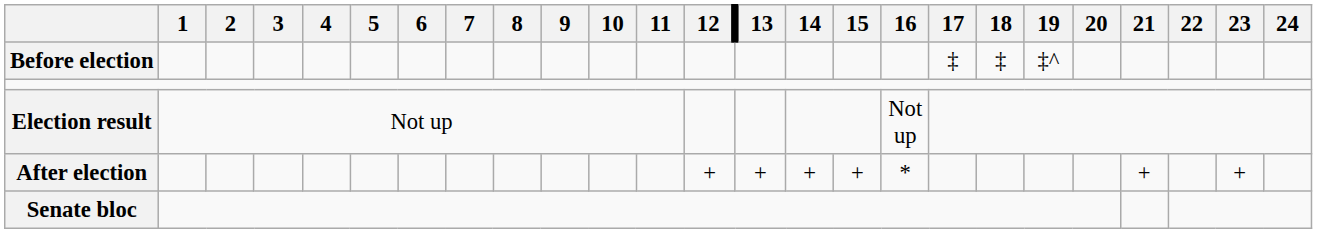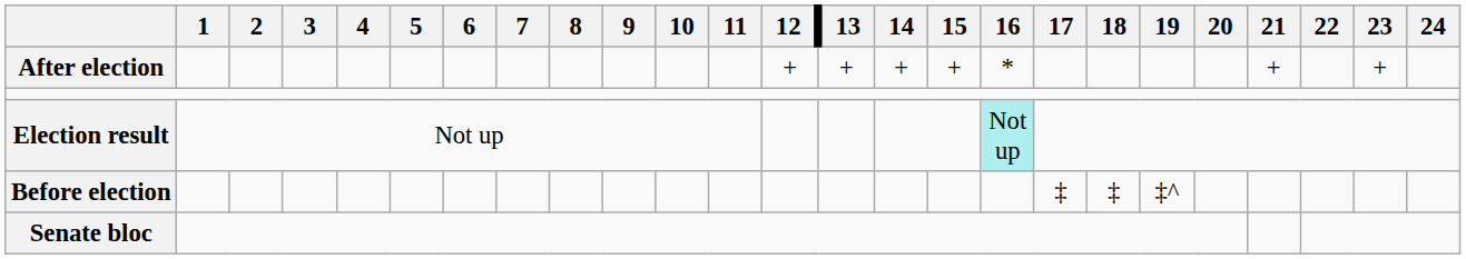 <table class="wikitable" style="text-align:center; font-size:95%">
 <tr>
 <th></th>
 <th width="25px">1</th>
 <th width="25px">2</th>
 <th width="25px">3</th>
 <th width="25px">4</th>
 <th width="25px">5</th>
 <th width="25px">6</th>
 <th width="25px">7</th>
 <th width="25px">8</th>
 <th width="25px">9</th>
 <th width="25px">10</th>
 <th width="25px">11</th>
 <th width="25px">12</th>
 <th width="25px" style="border-left:5px solid black;">13</th>
 <th width="25px">14</th>
 <th width="25px">15</th>
 <th width="25px">16</th>
 <th width="25px">17</th>
 <th width="25px">18</th>
 <th width="25px">19</th>
 <th width="25px">20</th>
 <th width="25px">21</th>
 <th width="25px">22</th>
 <th width="25px">23</th>
 <th width="25px">24</th>
 </tr>
 <tr>
+<th>After election</th>
+<td></td>
+<td></td>
+<td></td>
+<td></td>
+<td></td>
+<td></td>
+<td></td>
+<td></td>
+<td></td>
+<td></td>
+<td></td>
+<td>+</td>
+<td>+</td>
+<td>+</td>
+<td>+</td>
+<td>*</td>
+<td></td>
+<td></td>
+<td></td>
+<td></td>
+<td>+</td>
+<td></td>
+<td>+</td>
+<td></td>
+</tr>
+<tr>
+<td colspan="25"></td>
+</tr>
+<tr>
+<th>Election result</th>
+<td colspan="11">Not up</td>
+<td><strong><a href='#'></a></strong></td>
+<td><strong><a href='#'></a></strong></td>
+<td colspan="2"><strong><a href='#'></a></strong></td>
+<td style="background: paleturquoise;">Not up</td>
+</tr>
+<tr>
 <th>Before election</th>
 <td></td>
 <td></td>
 <td></td>
 <td></td>
 <td></td>
 <td></td>
 <td></td>
 <td></td>
 <td></td>
 <td></td>
 <td></td>
 <td></td>
 <td></td>
 <td></td>
 <td></td>
 <td></td>
 <td>‡</td>
 <td>‡</td>
 <td>‡^</td>
 <td></td>
 <td></td>
 <td></td>
 <td></td>
 <td></td>
 </tr>
 <tr>
-<td colspan="25"></td>
-</tr>
-<tr>
-<th>Election result</th>
-<td colspan="11">Not up</td>
-<td><strong><a href='#'></a></strong></td>
-<td><strong><a href='#'></a></strong></td>
-<td colspan="2"><strong><a href='#'></a></strong></td>
-<td>Not up</td>
-</tr>
-<tr>
-<th>After election</th>
-<td></td>
-<td></td>
-<td></td>
-<td></td>
-<td></td>
-<td></td>
-<td></td>
-<td></td>
-<td></td>
-<td></td>
-<td></td>
-<td>+</td>
-<td>+</td>
-<td>+</td>
-<td>+</td>
-<td>*</td>
-<td></td>
-<td></td>
-<td></td>
-<td></td>
-<td>+</td>
-<td></td>
-<td>+</td>
-<td></td>
-</tr>
-<tr>
 <th>Senate bloc</th>
 <td colspan=20></td>
 <td></td>
 <td colspan=3></td>
 </tr>
 </table>
